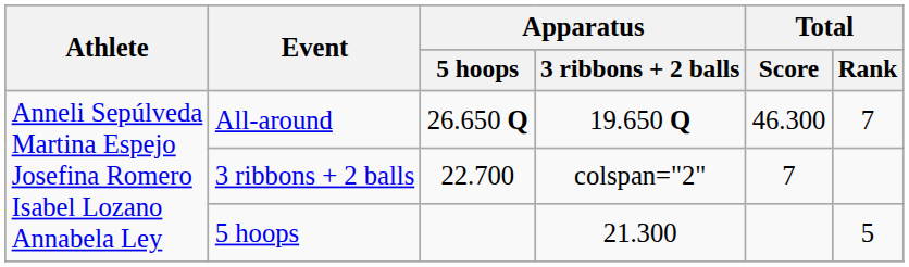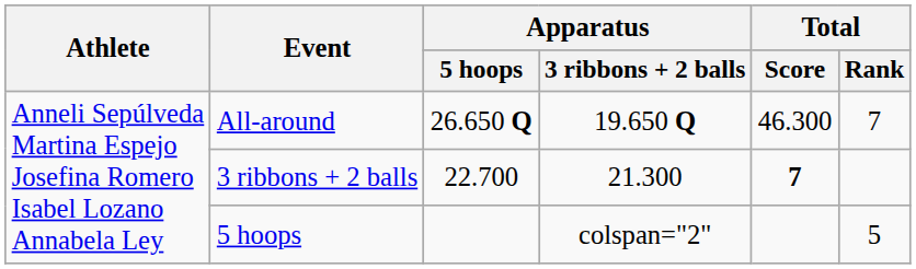 <table class=wikitable style=font-size:90%;text-align:center>
 <tr>
 <th rowspan=2>Athlete</th>
 <th rowspan=2>Event</th>
 <th colspan=2>Apparatus</th>
 <th colspan=2>Total</th>
 </tr>
 <tr style=font-size:95%>
 <th>5 hoops</th>
 <th>3 ribbons + 2 balls</th>
 <th>Score</th>
 <th>Rank</th>
 </tr>
 <tr>
 <td align=left rowspan=3><a href='#'>Anneli Sepúlveda</a><br><a href='#'>Martina Espejo</a><br><a href='#'>Josefina Romero</a><br><a href='#'>Isabel Lozano</a><br><a href='#'>Annabela Ley</a></td>
 <td align=left><a href='#'>All-around</a></td>
 <td>26.650 <strong>Q</strong></td>
 <td>19.650 <strong>Q</strong></td>
 <td>46.300</td>
 <td>7</td>
 </tr>
 <tr>
 <td align=left><a href='#'>3 ribbons + 2 balls</a></td>
 <td>22.700</td>
-<td>colspan="2" </td>
-<td>7</td>
+<td>21.300</td>
+<td><strong>7</strong></td>
 </tr>
 <tr>
 <td align=left><a href='#'>5 hoops</a></td>
 <td></td>
-<td>21.300</td>
+<td>colspan="2" </td>
 <td></td>
 <td>5</td>
 </tr>
 </table>
